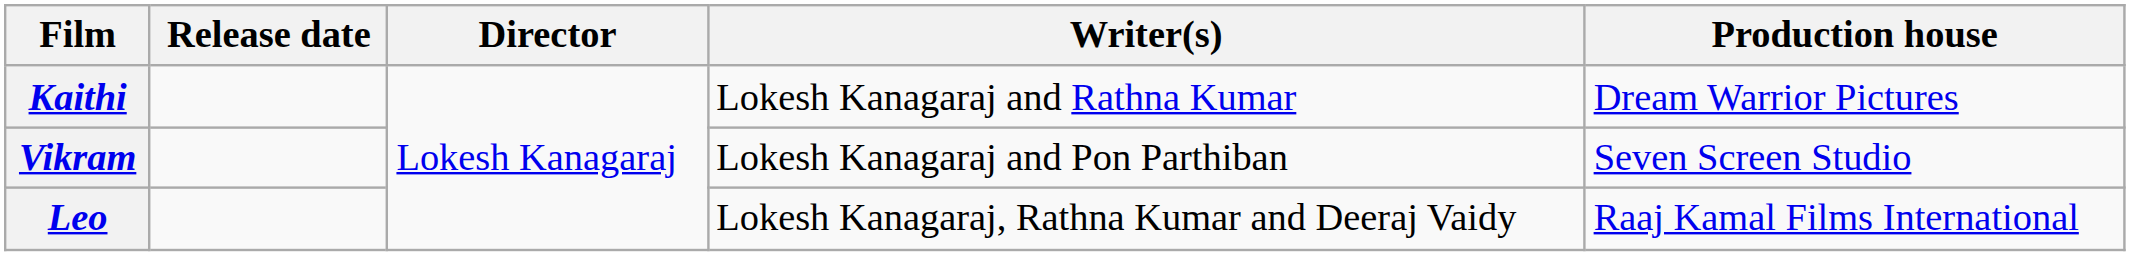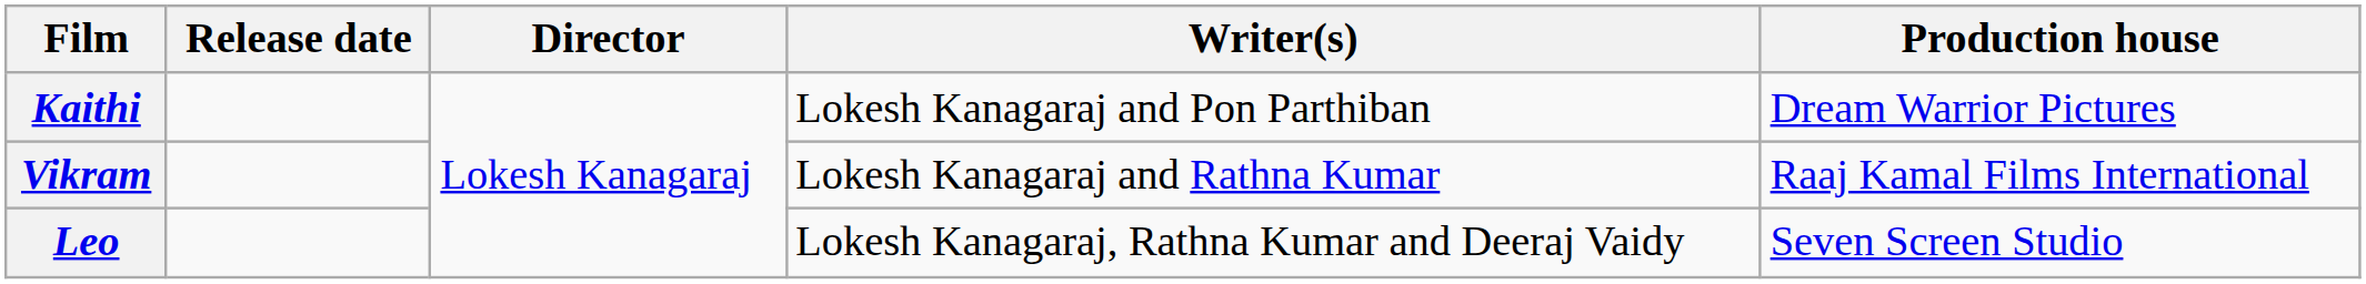 <table class="wikitable plainrowheaders defaultcenter col2left" style="width:100%;">
 <tr>
 <th scope="col">Film</th>
 <th scope="col">Release date</th>
 <th scope="col">Director</th>
 <th scope="col">Writer(s)</th>
 <th scope="col">Production house</th>
 </tr>
 <tr>
 <th scope="row"><em><a href='#'>Kaithi</a></em></th>
 <td></td>
 <td rowspan="3"><a href='#'>Lokesh Kanagaraj</a></td>
-<td>Lokesh Kanagaraj and <a href='#'>Rathna Kumar</a></td>
+<td>Lokesh Kanagaraj and Pon Parthiban</td>
 <td><a href='#'>Dream Warrior Pictures</a></td>
 </tr>
 <tr>
 <th scope="row"><em><a href='#'>Vikram</a></em></th>
 <td></td>
-<td>Lokesh Kanagaraj and Pon Parthiban</td>
-<td><a href='#'>Seven Screen Studio</a></td>
+<td>Lokesh Kanagaraj and <a href='#'>Rathna Kumar</a></td>
+<td><a href='#'>Raaj Kamal Films International</a></td>
 </tr>
 <tr>
 <th scope="row"><a href='#'><em>Leo</em></a></th>
 <td></td>
 <td>Lokesh Kanagaraj, Rathna Kumar and Deeraj Vaidy</td>
-<td><a href='#'>Raaj Kamal Films International</a></td>
+<td><a href='#'>Seven Screen Studio</a></td>
 </tr>
 </table>
